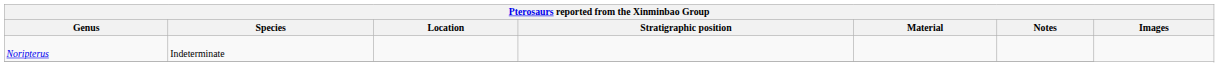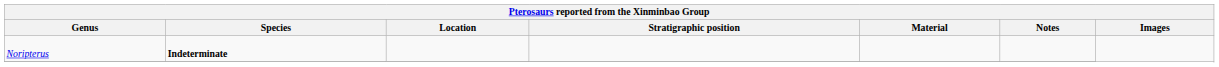 <table class="wikitable" align="center" width="100%">
 <tr>
 <th colspan="7" align="center"><strong><a href='#'>Pterosaurs</a> reported from the Xinminbao Group</strong></th>
 </tr>
 <tr>
 <th>Genus</th>
 <th>Species</th>
 <th>Location</th>
 <th>Stratigraphic position</th>
 <th>Material</th>
 <th>Notes</th>
 <th>Images</th>
 </tr>
 <tr>
 <td><br><em><a href='#'>Noripterus</a></em></td>
-<td><br>Indeterminate</td>
+<td><strong><br>Indeterminate</strong></td>
 <td></td>
 <td></td>
 <td></td>
 <td></td>
 <td rowspan="99"><br></td>
 </tr>
 <tr>
 </tr>
 </table>
